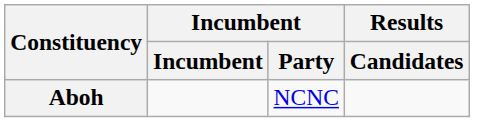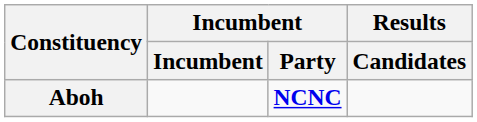 <table class="wikitable sortable">
 <tr>
 <th rowspan="2">Constituency</th>
 <th colspan="2">Incumbent</th>
 <th>Results</th>
 </tr>
 <tr valign="bottom">
 <th>Incumbent</th>
 <th>Party</th>
 <th>Candidates</th>
 </tr>
 <tr>
 <th>Aboh</th>
 <td></td>
-<td><a href='#'>NCNC</a></td>
+<td><strong><a href='#'>NCNC</a></strong></td>
 <td nowrap=""></td>
 </tr>
 </table>
